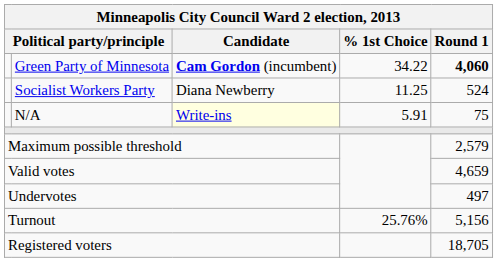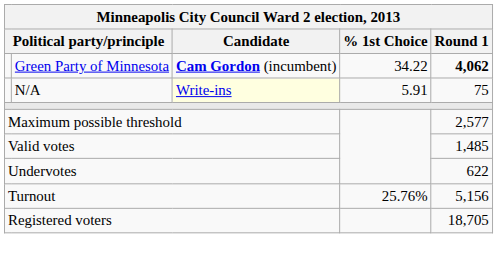 <table class="wikitable" style="font-size:95%">
 <tr>
 <th colspan="5">Minneapolis City Council Ward 2 election, 2013</th>
 </tr>
 <tr>
 <th colspan="2">Political party/principle</th>
 <th>Candidate</th>
 <th>% 1st Choice</th>
 <th>Round 1</th>
 </tr>
 <tr>
 <td style="background-color:"></td>
 <td><a href='#'>Green Party of Minnesota</a></td>
 <td><strong><a href='#'>Cam Gordon</a></strong> (incumbent)</td>
 <td align="right">34.22</td>
-<td align="right"><strong>4,060</strong></td>
-</tr>
-<tr>
-<td style="background-color:"></td>
-<td><a href='#'>Socialist Workers Party</a></td>
-<td>Diana Newberry</td>
-<td align="right">11.25</td>
-<td align="right">524</td>
+<td align="right"><strong>4,062</strong></td>
 </tr>
 <tr>
 <td style="background-color:"></td>
 <td>N/A</td>
 <td style="background: lightyellow;"><a href='#'>Write-ins</a></td>
 <td align="right">5.91</td>
 <td align="right">75</td>
 </tr>
 <tr>
 <td colspan="5" style="background: #E9E9E9"></td>
 </tr>
 <tr>
 <td colspan="3">Maximum possible threshold</td>
 <td rowspan="3"></td>
-<td align="right">2,579</td>
+<td align="right">2,577</td>
 </tr>
 <tr>
 <td colspan="3">Valid votes</td>
-<td align="right">4,659</td>
+<td align="right">1,485</td>
 </tr>
 <tr>
 <td colspan="3">Undervotes</td>
-<td align="right">497</td>
+<td align="right">622</td>
 </tr>
 <tr>
 <td colspan="3">Turnout</td>
 <td align="right">25.76%</td>
 <td align="right">5,156</td>
 </tr>
 <tr>
 <td colspan="3">Registered voters</td>
 <td></td>
 <td align="right">18,705</td>
 </tr>
 </table>
